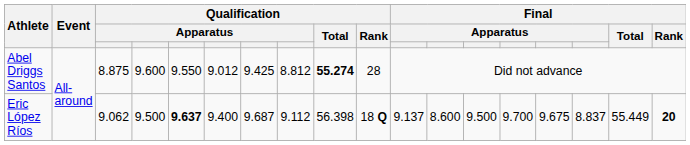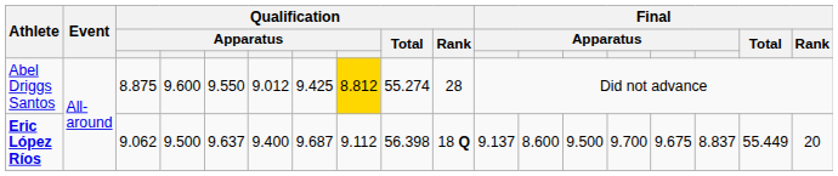 <table class="wikitable" style="font-size:90%">
 <tr>
 <th rowspan=3>Athlete</th>
 <th rowspan=3>Event</th>
 <th colspan =8>Qualification</th>
 <th colspan =8>Final</th>
 </tr>
 <tr style="font-size:95%">
 <th colspan=6>Apparatus</th>
 <th rowspan=2>Total</th>
 <th rowspan=2>Rank</th>
 <th colspan=6>Apparatus</th>
 <th rowspan=2>Total</th>
 <th rowspan=2>Rank</th>
 </tr>
 <tr style="font-size:95%">
 <th></th>
 <th></th>
 <th></th>
 <th></th>
 <th></th>
 <th></th>
 <th></th>
 <th></th>
 <th></th>
 <th></th>
 <th></th>
 <th></th>
 </tr>
 <tr align=center>
 <td align=left><a href='#'>Abel Driggs Santos</a></td>
 <td align=left rowspan=2><a href='#'>All-around</a></td>
 <td>8.875</td>
 <td>9.600</td>
 <td>9.550</td>
 <td>9.012</td>
 <td>9.425</td>
-<td>8.812</td>
-<td><strong>55.274</strong></td>
+<td style="background: gold;">8.812</td>
+<td>55.274</td>
 <td>28</td>
 <td colspan=8>Did not advance</td>
 </tr>
 <tr align=center>
-<td align=left><a href='#'>Eric López Ríos</a></td>
+<td align=left><strong><a href='#'>Eric López Ríos</a></strong></td>
 <td>9.062</td>
 <td>9.500</td>
-<td><strong>9.637</strong></td>
+<td>9.637</td>
 <td>9.400</td>
 <td>9.687</td>
 <td>9.112</td>
 <td>56.398</td>
 <td>18 <strong>Q</strong></td>
 <td>9.137</td>
 <td>8.600</td>
 <td>9.500</td>
 <td>9.700</td>
 <td>9.675</td>
 <td>8.837</td>
 <td>55.449</td>
-<td><strong>20</strong></td>
+<td>20</td>
 </tr>
 </table>
